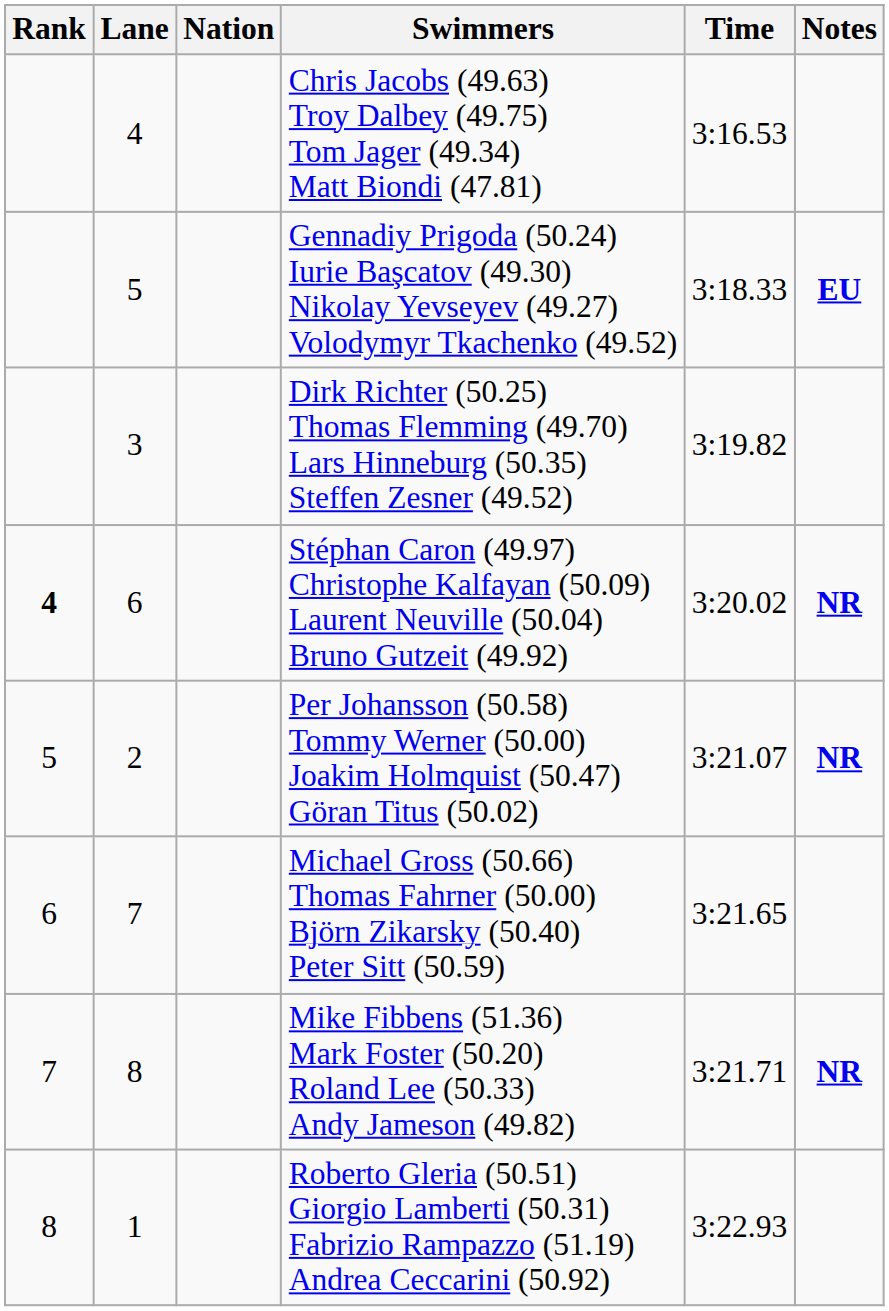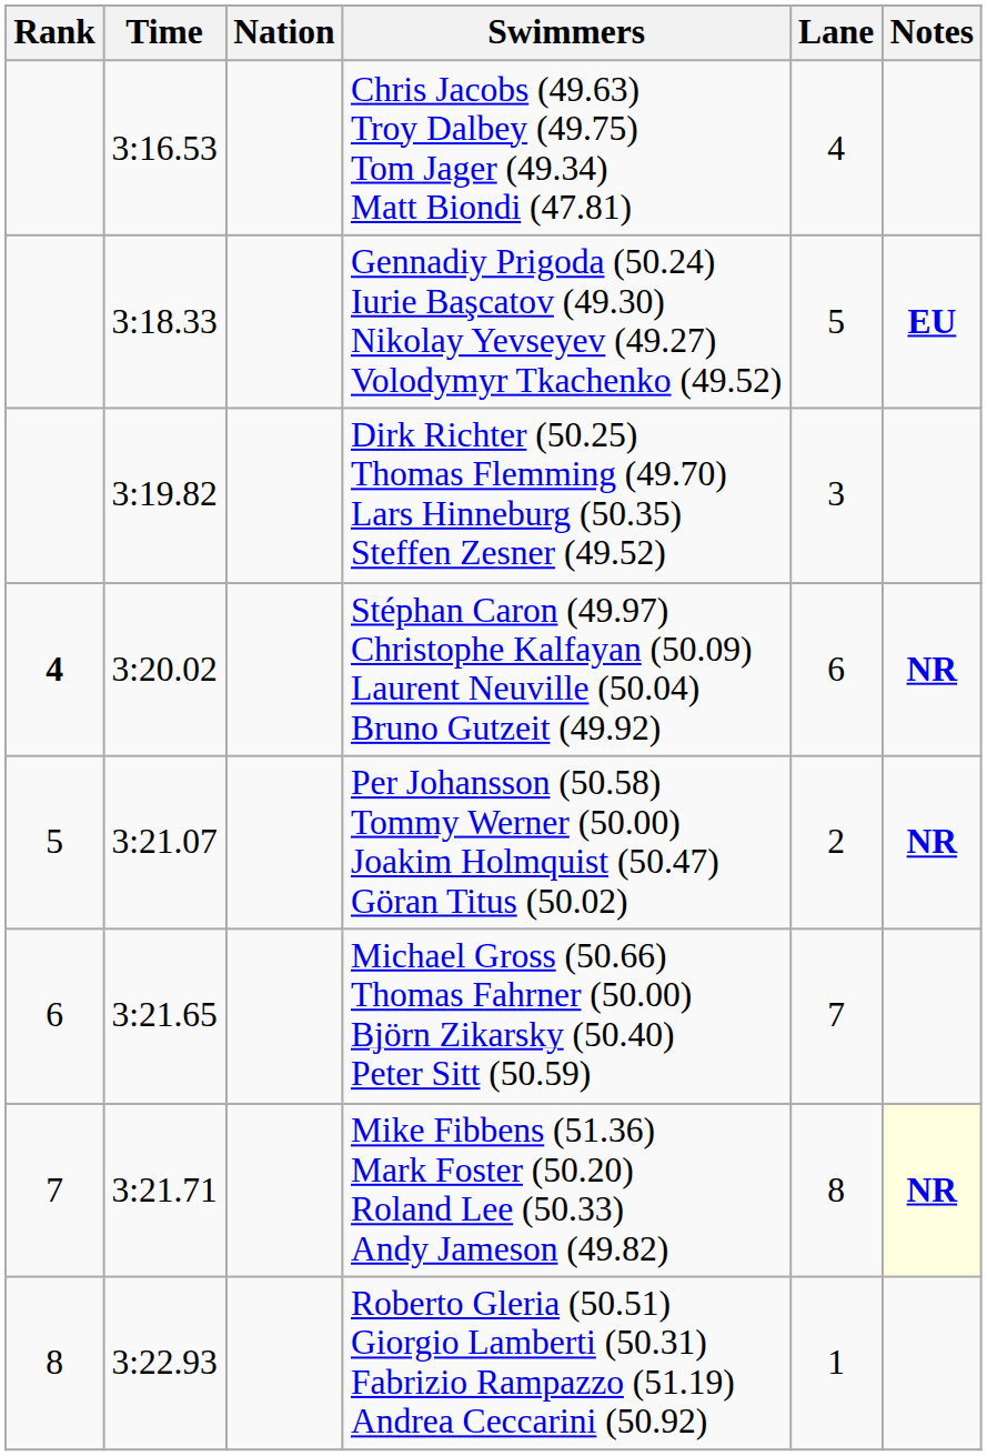 <table class="wikitable sortable" style="text-align:center">
 <tr>
 <th>Rank</th>
-<th>Lane</th>
+<th>Time</th>
 <th>Nation</th>
 <th>Swimmers</th>
-<th>Time</th>
+<th>Lane</th>
 <th>Notes</th>
 </tr>
 <tr>
 <td></td>
-<td>4</td>
+<td>3:16.53</td>
 <td align=left></td>
 <td align=left><a href='#'>Chris Jacobs</a> (49.63)<br><a href='#'>Troy Dalbey</a> (49.75)<br><a href='#'>Tom Jager</a> (49.34)<br><a href='#'>Matt Biondi</a> (47.81)</td>
-<td>3:16.53</td>
+<td>4</td>
 <td></td>
 </tr>
 <tr>
 <td></td>
-<td>5</td>
+<td>3:18.33</td>
 <td align=left></td>
 <td align=left><a href='#'>Gennadiy Prigoda</a> (50.24)<br><a href='#'>Iurie Başcatov</a> (49.30)<br><a href='#'>Nikolay Yevseyev</a> (49.27)<br><a href='#'>Volodymyr Tkachenko</a> (49.52)</td>
-<td>3:18.33</td>
+<td>5</td>
 <td><strong><a href='#'>EU</a></strong></td>
 </tr>
 <tr>
 <td></td>
-<td>3</td>
+<td>3:19.82</td>
 <td align=left></td>
 <td align=left><a href='#'>Dirk Richter</a> (50.25)<br><a href='#'>Thomas Flemming</a> (49.70)<br><a href='#'>Lars Hinneburg</a> (50.35)<br><a href='#'>Steffen Zesner</a> (49.52)</td>
-<td>3:19.82</td>
+<td>3</td>
 <td></td>
 </tr>
 <tr>
 <td><strong>4</strong></td>
-<td>6</td>
+<td>3:20.02</td>
 <td align=left></td>
 <td align=left><a href='#'>Stéphan Caron</a> (49.97)<br><a href='#'>Christophe Kalfayan</a> (50.09)<br><a href='#'>Laurent Neuville</a> (50.04)<br><a href='#'>Bruno Gutzeit</a> (49.92)</td>
-<td>3:20.02</td>
+<td>6</td>
 <td><strong><a href='#'>NR</a></strong></td>
 </tr>
 <tr>
 <td>5</td>
-<td>2</td>
+<td>3:21.07</td>
 <td align=left></td>
 <td align=left><a href='#'>Per Johansson</a> (50.58)<br><a href='#'>Tommy Werner</a> (50.00)<br><a href='#'>Joakim Holmquist</a> (50.47)<br><a href='#'>Göran Titus</a> (50.02)</td>
-<td>3:21.07</td>
+<td>2</td>
 <td><strong><a href='#'>NR</a></strong></td>
 </tr>
 <tr>
 <td>6</td>
-<td>7</td>
+<td>3:21.65</td>
 <td align=left></td>
 <td align=left><a href='#'>Michael Gross</a> (50.66)<br><a href='#'>Thomas Fahrner</a> (50.00)<br><a href='#'>Björn Zikarsky</a> (50.40)<br><a href='#'>Peter Sitt</a> (50.59)</td>
-<td>3:21.65</td>
+<td>7</td>
 <td></td>
 </tr>
 <tr>
 <td>7</td>
-<td>8</td>
+<td>3:21.71</td>
 <td align=left></td>
 <td align=left><a href='#'>Mike Fibbens</a> (51.36)<br><a href='#'>Mark Foster</a> (50.20)<br><a href='#'>Roland Lee</a> (50.33)<br><a href='#'>Andy Jameson</a> (49.82)</td>
-<td>3:21.71</td>
-<td><strong><a href='#'>NR</a></strong></td>
+<td>8</td>
+<td style="background: lightyellow;"><strong><a href='#'>NR</a></strong></td>
 </tr>
 <tr>
 <td>8</td>
-<td>1</td>
+<td>3:22.93</td>
 <td align=left></td>
 <td align=left><a href='#'>Roberto Gleria</a> (50.51)<br><a href='#'>Giorgio Lamberti</a> (50.31)<br><a href='#'>Fabrizio Rampazzo</a> (51.19)<br><a href='#'>Andrea Ceccarini</a> (50.92)</td>
-<td>3:22.93</td>
+<td>1</td>
 <td></td>
 </tr>
 </table>
